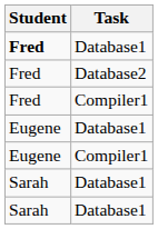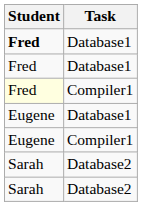 <table class="wikitable">
 <tr>
 <th>Student</th>
 <th>Task</th>
 </tr>
 <tr>
 <td><strong>Fred</strong></td>
 <td>Database1</td>
 </tr>
 <tr>
 <td>Fred</td>
-<td>Database2</td>
+<td>Database1</td>
 </tr>
 <tr>
-<td>Fred</td>
+<td style="background: lightyellow;">Fred</td>
 <td>Compiler1</td>
 </tr>
 <tr>
 <td>Eugene</td>
 <td>Database1</td>
 </tr>
 <tr>
 <td>Eugene</td>
 <td>Compiler1</td>
 </tr>
 <tr>
 <td>Sarah</td>
-<td>Database1</td>
+<td>Database2</td>
 </tr>
 <tr>
 <td>Sarah</td>
-<td>Database1</td>
+<td>Database2</td>
 </tr>
 </table>
